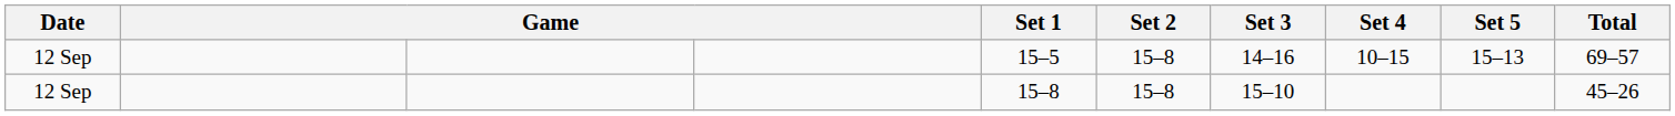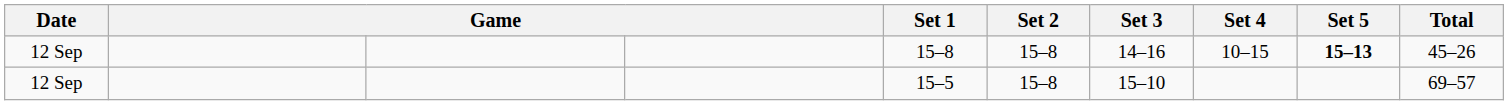 <table width=1200 class="wikitable">
 <tr>
 <th width=6%>Date</th>
 <th width=45% colspan=3>Game</th>
 <th width=6%>Set 1</th>
 <th width=6%>Set 2</th>
 <th width=6%>Set 3</th>
 <th width=6%>Set 4</th>
 <th width=6%>Set 5</th>
 <th width=6%>Total</th>
 </tr>
 <tr style=font-size:95%>
 <td align=center>12 Sep</td>
 <td align=center><strong></strong></td>
 <td></td>
 <td></td>
-<td align=center>15–5</td>
+<td align=center>15–8</td>
 <td align=center>15–8</td>
 <td align=center>14–16</td>
 <td align=center>10–15</td>
-<td align=center>15–13</td>
-<td align=center>69–57</td>
+<td align=center><strong>15–13</strong></td>
+<td align=center>45–26</td>
 </tr>
 <tr style=font-size:95%>
 <td align=center>12 Sep</td>
 <td align=center><strong></strong></td>
 <td></td>
 <td></td>
-<td align=center>15–8</td>
+<td align=center>15–5</td>
 <td align=center>15–8</td>
 <td align=center>15–10</td>
 <td align=center></td>
 <td align=center></td>
-<td align=center>45–26</td>
+<td align=center>69–57</td>
 </tr>
 </table>
